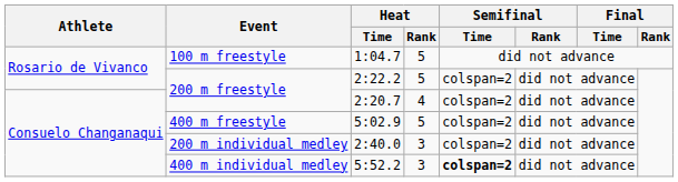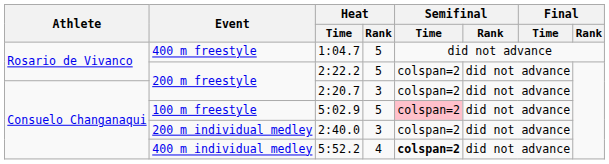 <table class=wikitable style="font-size:90%">
 <tr>
 <th rowspan="2">Athlete</th>
 <th rowspan="2">Event</th>
 <th colspan="2">Heat</th>
 <th colspan="2">Semifinal</th>
 <th colspan="2">Final</th>
 </tr>
 <tr style="font-size:95%">
 <th>Time</th>
 <th>Rank</th>
 <th>Time</th>
 <th>Rank</th>
 <th>Time</th>
 <th>Rank</th>
 </tr>
 <tr>
 <td rowspan=2><a href='#'>Rosario de Vivanco</a></td>
-<td><a href='#'>100 m freestyle</a></td>
+<td><a href='#'>400 m freestyle</a></td>
 <td align="center">1:04.7</td>
 <td align="center">5</td>
 <td colspan=4 align="center">did not advance</td>
 </tr>
 <tr>
 <td rowspan=2><a href='#'>200 m freestyle</a></td>
 <td align="center">2:22.2</td>
 <td align="center">5</td>
 <td>colspan=2 </td>
 <td colspan=2 align="center">did not advance</td>
 </tr>
 <tr>
 <td rowspan=4><a href='#'>Consuelo Changanaqui</a></td>
 <td align="center">2:20.7</td>
-<td align="center">4</td>
+<td align="center">3</td>
 <td>colspan=2 </td>
 <td colspan=2 align="center">did not advance</td>
 </tr>
 <tr>
-<td><a href='#'>400 m freestyle</a></td>
+<td><a href='#'>100 m freestyle</a></td>
 <td align="center">5:02.9</td>
 <td align="center">5</td>
-<td>colspan=2 </td>
+<td style="background: pink;">colspan=2 </td>
 <td colspan=2 align="center">did not advance</td>
 </tr>
 <tr>
 <td><a href='#'>200 m individual medley</a></td>
 <td align="center">2:40.0</td>
 <td align="center">3</td>
 <td>colspan=2 </td>
 <td colspan=2 align="center">did not advance</td>
 </tr>
 <tr>
 <td><a href='#'>400 m individual medley</a></td>
 <td align="center">5:52.2</td>
-<td align="center">3</td>
+<td align="center">4</td>
 <td><strong>colspan=2 </strong></td>
 <td colspan=2 align="center">did not advance</td>
 </tr>
 </table>
